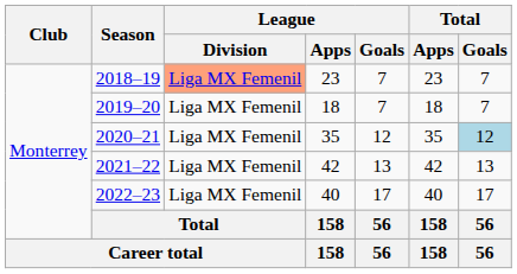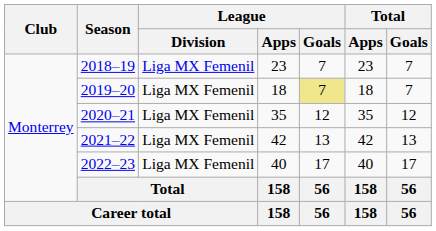 <table class=wikitable style="text-align: center;">
 <tr>
 <th rowspan=2>Club</th>
 <th rowspan=2>Season</th>
 <th colspan=3>League</th>
 <th colspan=2>Total</th>
 </tr>
 <tr>
 <th>Division</th>
 <th>Apps</th>
 <th>Goals</th>
 <th>Apps</th>
 <th>Goals</th>
 </tr>
 <tr>
 <td rowspan="6"><a href='#'>Monterrey</a></td>
 <td><a href='#'>2018–19</a></td>
-<td style="background: lightsalmon;"><a href='#'>Liga MX Femenil</a></td>
+<td><a href='#'>Liga MX Femenil</a></td>
 <td>23</td>
 <td>7</td>
 <td>23</td>
 <td>7</td>
 </tr>
 <tr>
 <td><a href='#'>2019–20</a></td>
 <td>Liga MX Femenil</td>
 <td>18</td>
-<td>7</td>
+<td style="background: khaki;">7</td>
 <td>18</td>
 <td>7</td>
 </tr>
 <tr>
 <td><a href='#'>2020–21</a></td>
 <td>Liga MX Femenil</td>
 <td>35</td>
 <td>12</td>
 <td>35</td>
-<td style="background: lightblue;">12</td>
+<td>12</td>
 </tr>
 <tr>
 <td><a href='#'>2021–22</a></td>
 <td>Liga MX Femenil</td>
 <td>42</td>
 <td>13</td>
 <td>42</td>
 <td>13</td>
 </tr>
 <tr>
 <td><a href='#'>2022–23</a></td>
 <td>Liga MX Femenil</td>
 <td>40</td>
 <td>17</td>
 <td>40</td>
 <td>17</td>
 </tr>
 <tr>
 <th colspan="2">Total</th>
 <th>158</th>
 <th>56</th>
 <th>158</th>
 <th>56</th>
 </tr>
 <tr>
 <th colspan="3">Career total</th>
 <th>158</th>
 <th>56</th>
 <th>158</th>
 <th>56</th>
 </tr>
 </table>
